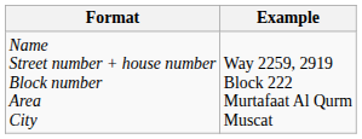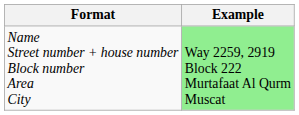 <table class="wikitable">
 <tr>
 <th>Format</th>
 <th>Example</th>
 </tr>
 <tr>
 <td><em>Name</em><br><em>Street number + house number</em><br><em>Block number</em><br><em>Area</em><br><em>City</em></td>
-<td><br> Way 2259, 2919<br>Block 222<br>Murtafaat Al Qurm<br>Muscat</td>
+<td style="background: lightgreen;"><br> Way 2259, 2919<br>Block 222<br>Murtafaat Al Qurm<br>Muscat</td>
 </tr>
 </table>
